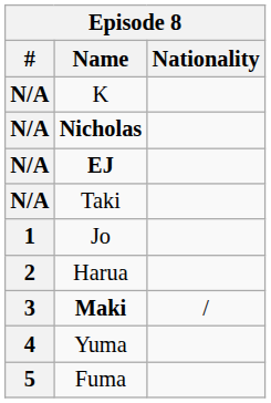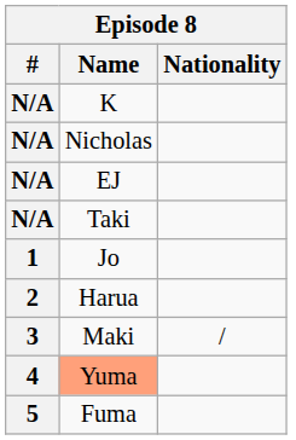 <table class="wikitable" style="text-align:center;">
 <tr>
 <th colspan="4">Episode 8</th>
 </tr>
 <tr>
 <th>#</th>
 <th>Name</th>
 <th>Nationality</th>
 </tr>
 <tr>
 <th>N/A</th>
 <td>K</td>
 <td></td>
 </tr>
 <tr>
 <th>N/A</th>
-<td><strong>Nicholas</strong></td>
+<td>Nicholas</td>
 <td></td>
 </tr>
 <tr>
 <th>N/A</th>
-<td><strong>EJ</strong></td>
+<td>EJ</td>
 <td></td>
 </tr>
 <tr>
 <th>N/A</th>
 <td>Taki</td>
 <td></td>
 </tr>
 <tr>
 <th>1</th>
 <td>Jo</td>
 <td></td>
 </tr>
 <tr>
 <th>2</th>
 <td>Harua</td>
 <td></td>
 </tr>
 <tr>
 <th>3</th>
-<td><strong>Maki</strong></td>
+<td>Maki</td>
 <td> / </td>
 </tr>
 <tr>
 <th>4</th>
-<td>Yuma</td>
+<td style="background: lightsalmon;">Yuma</td>
 <td></td>
 </tr>
 <tr>
 <th>5</th>
 <td>Fuma</td>
 <td></td>
 </tr>
 </table>
